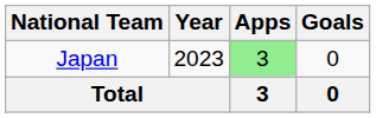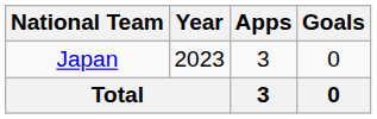 <table class="wikitable" style="text-align:center">
 <tr>
 <th>National Team</th>
 <th>Year</th>
 <th>Apps</th>
 <th>Goals</th>
 </tr>
 <tr>
 <td><a href='#'>Japan</a></td>
 <td>2023</td>
-<td style="background: lightgreen;">3</td>
+<td>3</td>
 <td>0</td>
 </tr>
 <tr>
 <th colspan="2">Total</th>
 <th>3</th>
 <th>0</th>
 </tr>
 </table>
